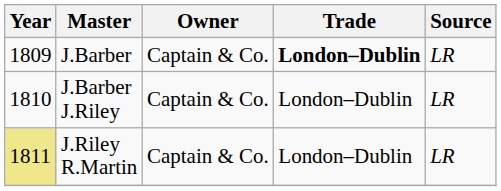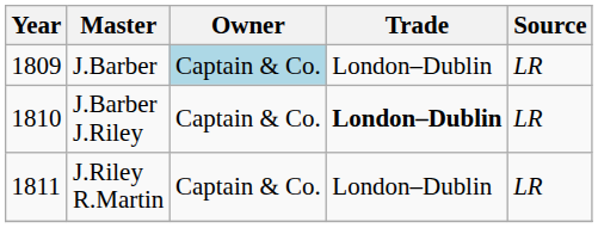 <table class=" wikitable">
 <tr>
 <th>Year</th>
 <th>Master</th>
 <th>Owner</th>
 <th>Trade</th>
 <th>Source</th>
 </tr>
 <tr>
 <td>1809</td>
 <td>J.Barber</td>
-<td>Captain & Co.</td>
-<td><strong>London–Dublin</strong></td>
+<td style="background: lightblue;">Captain & Co.</td>
+<td>London–Dublin</td>
 <td><em>LR</em></td>
 </tr>
 <tr>
 <td>1810</td>
 <td>J.Barber<br>J.Riley</td>
 <td>Captain & Co.</td>
-<td>London–Dublin</td>
+<td><strong>London–Dublin</strong></td>
 <td><em>LR</em></td>
 </tr>
 <tr>
-<td style="background: khaki;">1811</td>
+<td>1811</td>
 <td>J.Riley<br>R.Martin</td>
 <td>Captain & Co.</td>
 <td>London–Dublin</td>
 <td><em>LR</em></td>
 </tr>
 <tr>
 </tr>
 </table>
